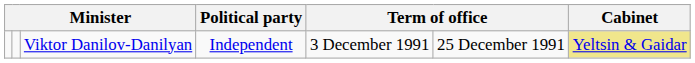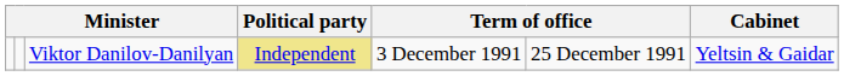 <table class="wikitable" style="text-align:center;">
 <tr>
 <th colspan=3>Minister</th>
 <th>Political party</th>
 <th colspan=2>Term of office</th>
 <th>Cabinet</th>
 </tr>
 <tr>
 <td style="background: "></td>
 <td></td>
 <td><a href='#'>Viktor Danilov-Danilyan</a></td>
-<td><a href='#'>Independent</a></td>
+<td style="background: khaki;"><a href='#'>Independent</a></td>
 <td>3 December 1991</td>
 <td>25 December 1991</td>
-<td style="background: khaki;"><a href='#'>Yeltsin & Gaidar</a></td>
+<td><a href='#'>Yeltsin & Gaidar</a></td>
 </tr>
 </table>
